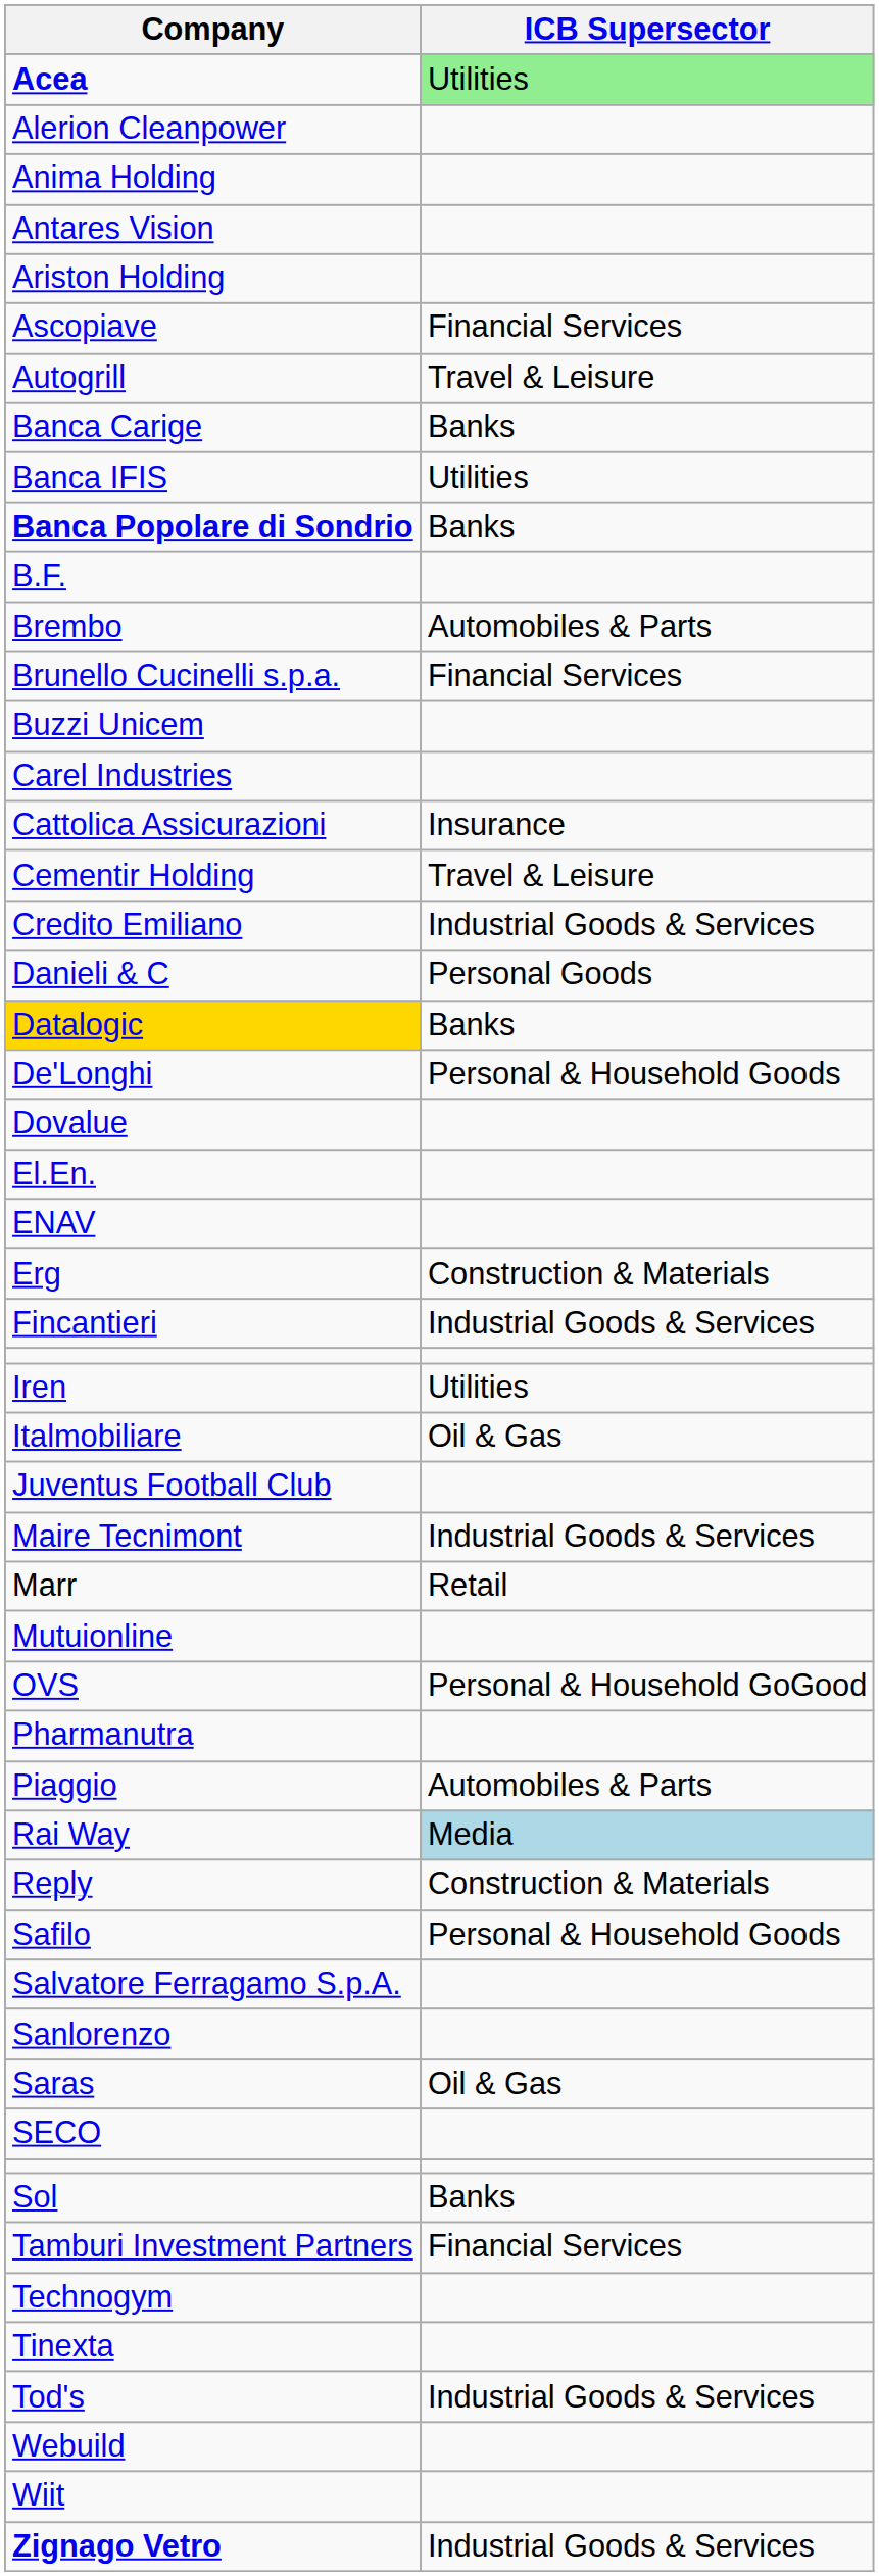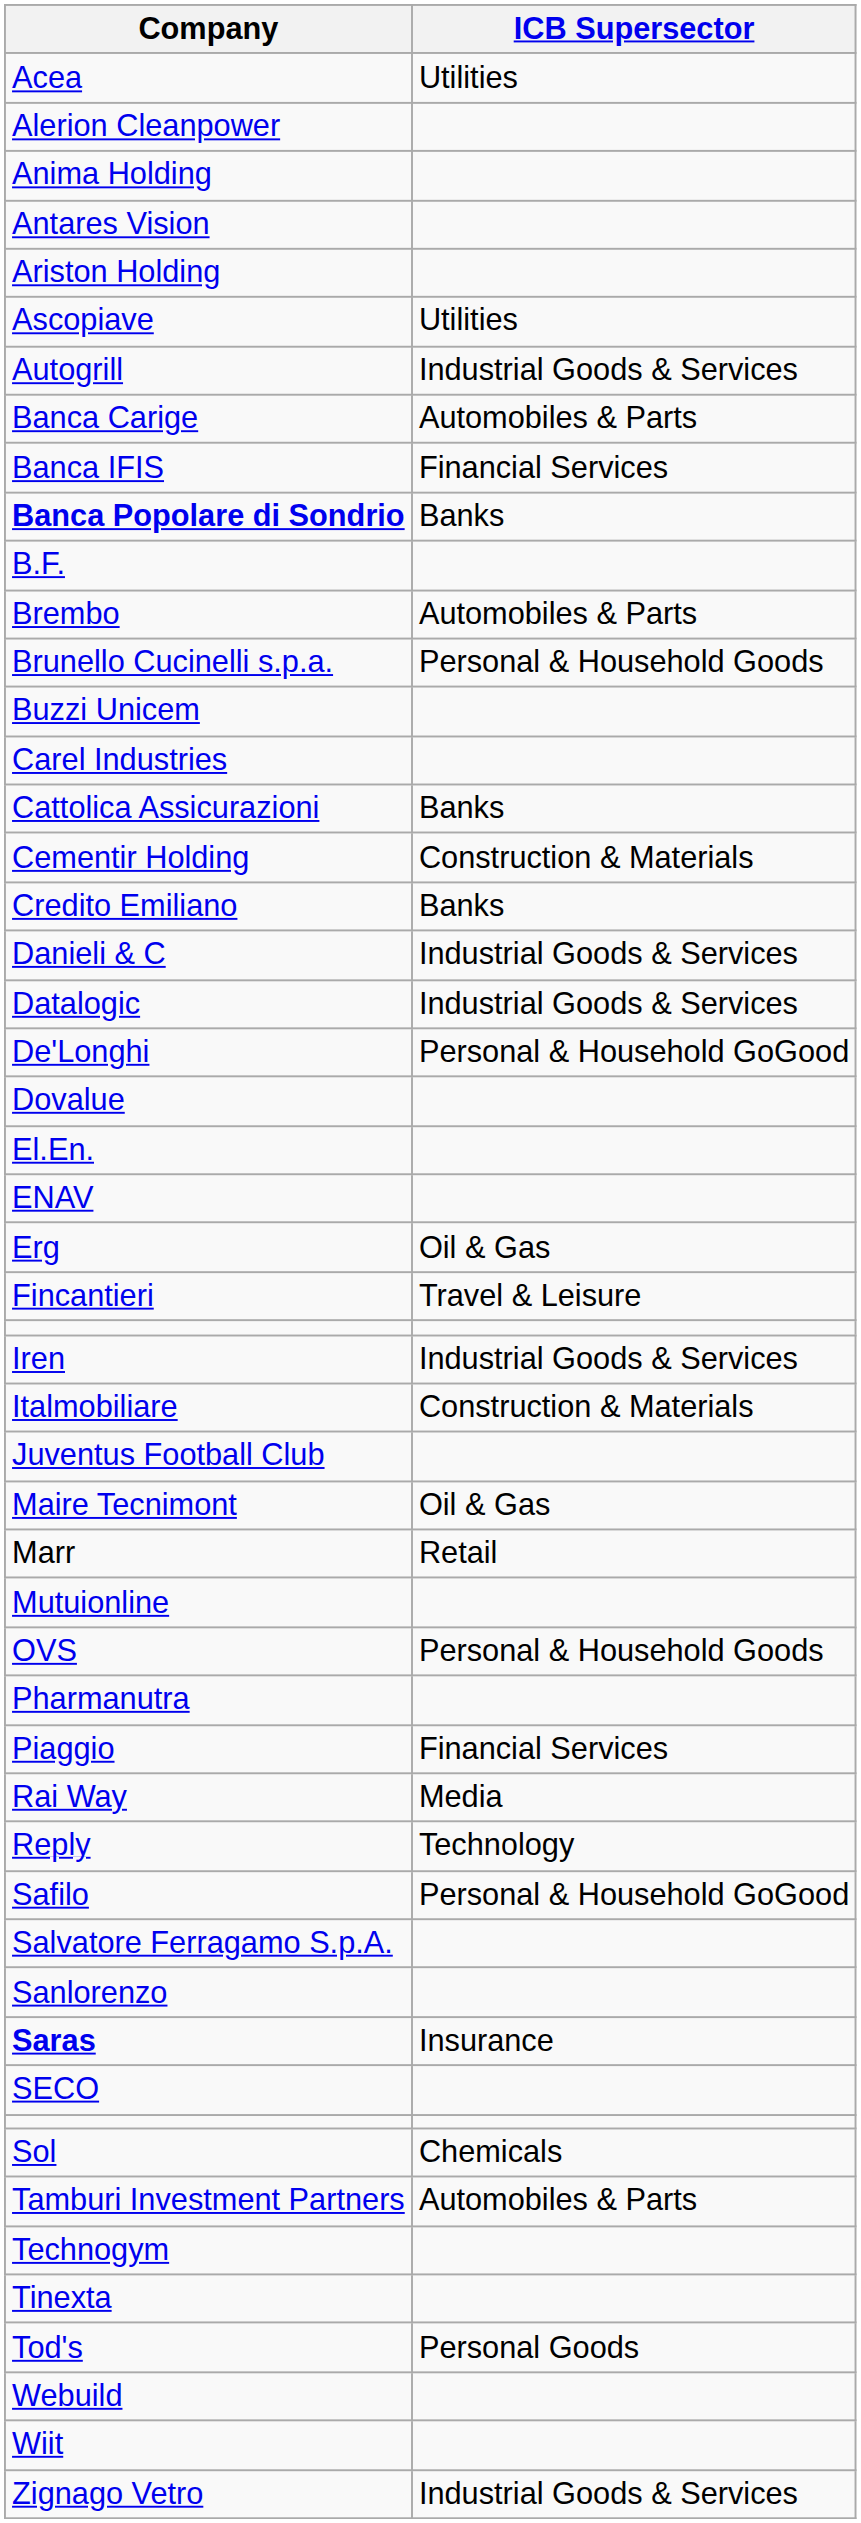 <table class="wikitable sortable">
 <tr>
 <th>Company</th>
 <th><a href='#'>ICB Supersector</a></th>
 </tr>
 <tr>
-<td><strong><a href='#'>Acea</a></strong></td>
-<td style="background: lightgreen;">Utilities</td>
+<td><a href='#'>Acea</a></td>
+<td>Utilities</td>
 </tr>
 <tr>
 <td><a href='#'>Alerion Cleanpower</a></td>
 <td></td>
 </tr>
 <tr>
 <td><a href='#'>Anima Holding</a></td>
 <td></td>
 </tr>
 <tr>
 <td><a href='#'>Antares Vision</a></td>
 <td></td>
 </tr>
 <tr>
 <td><a href='#'>Ariston Holding</a></td>
 <td></td>
 </tr>
 <tr>
 <td><a href='#'>Ascopiave</a></td>
-<td>Financial Services</td>
+<td>Utilities</td>
 </tr>
 <tr>
 <td><a href='#'>Autogrill</a></td>
-<td>Travel & Leisure</td>
+<td>Industrial Goods & Services</td>
 </tr>
 <tr>
 <td><a href='#'>Banca Carige</a></td>
-<td>Banks</td>
+<td>Automobiles & Parts</td>
 </tr>
 <tr>
 <td><a href='#'>Banca IFIS</a></td>
-<td>Utilities</td>
+<td>Financial Services</td>
 </tr>
 <tr>
 <td><strong><a href='#'>Banca Popolare di Sondrio</a></strong></td>
 <td>Banks</td>
 </tr>
 <tr>
 <td><a href='#'>B.F.</a></td>
 <td></td>
 </tr>
 <tr>
 <td><a href='#'>Brembo</a></td>
 <td>Automobiles & Parts</td>
 </tr>
 <tr>
 <td><a href='#'>Brunello Cucinelli s.p.a.</a></td>
-<td>Financial Services</td>
+<td>Personal & Household Goods</td>
 </tr>
 <tr>
 <td><a href='#'>Buzzi Unicem</a></td>
 <td></td>
 </tr>
 <tr>
 <td><a href='#'>Carel Industries</a></td>
 <td></td>
 </tr>
 <tr>
 <td><a href='#'>Cattolica Assicurazioni</a></td>
-<td>Insurance</td>
+<td>Banks</td>
 </tr>
 <tr>
 <td><a href='#'>Cementir Holding</a></td>
-<td>Travel & Leisure</td>
+<td>Construction & Materials</td>
 </tr>
 <tr>
 <td><a href='#'>Credito Emiliano</a></td>
+<td>Banks</td>
+</tr>
+<tr>
+<td><a href='#'>Danieli & C</a></td>
 <td>Industrial Goods & Services</td>
 </tr>
 <tr>
-<td><a href='#'>Danieli & C</a></td>
-<td>Personal Goods</td>
-</tr>
-<tr>
-<td style="background: gold;"><a href='#'>Datalogic</a></td>
-<td>Banks</td>
+<td><a href='#'>Datalogic</a></td>
+<td>Industrial Goods & Services</td>
 </tr>
 <tr>
 <td><a href='#'>De'Longhi</a></td>
-<td>Personal & Household Goods</td>
+<td>Personal & Household GoGood</td>
 </tr>
 <tr>
 <td><a href='#'>Dovalue</a></td>
 <td></td>
 </tr>
 <tr>
 <td><a href='#'>El.En.</a></td>
 <td></td>
 </tr>
 <tr>
 <td><a href='#'>ENAV</a></td>
 <td></td>
 </tr>
 <tr>
 <td><a href='#'>Erg</a></td>
-<td>Construction & Materials</td>
+<td>Oil & Gas</td>
 </tr>
 <tr>
 <td><a href='#'>Fincantieri</a></td>
-<td>Industrial Goods & Services</td>
+<td>Travel & Leisure</td>
 </tr>
 <tr>
 <td></td>
 </tr>
 <tr>
 <td><a href='#'>Iren</a></td>
-<td>Utilities</td>
+<td>Industrial Goods & Services</td>
 </tr>
 <tr>
 <td><a href='#'>Italmobiliare</a></td>
-<td>Oil & Gas</td>
+<td>Construction & Materials</td>
 </tr>
 <tr>
 <td><a href='#'>Juventus Football Club</a></td>
 <td></td>
 </tr>
 <tr>
 <td><a href='#'>Maire Tecnimont</a></td>
-<td>Industrial Goods & Services</td>
+<td>Oil & Gas</td>
 </tr>
 <tr>
 <td>Marr</td>
 <td>Retail</td>
 </tr>
 <tr>
 <td><a href='#'>Mutuionline</a></td>
 </tr>
 <tr>
 <td><a href='#'>OVS</a></td>
-<td>Personal & Household GoGood</td>
+<td>Personal & Household Goods</td>
 </tr>
 <tr>
 <td><a href='#'>Pharmanutra</a></td>
 <td></td>
 </tr>
 <tr>
 <td><a href='#'>Piaggio</a></td>
-<td>Automobiles & Parts</td>
+<td>Financial Services</td>
 </tr>
 <tr>
 <td><a href='#'>Rai Way</a></td>
-<td style="background: lightblue;">Media</td>
+<td>Media</td>
 </tr>
 <tr>
 <td><a href='#'>Reply</a></td>
-<td>Construction & Materials</td>
+<td>Technology</td>
 </tr>
 <tr>
 <td><a href='#'>Safilo</a></td>
-<td>Personal & Household Goods</td>
+<td>Personal & Household GoGood</td>
 </tr>
 <tr>
 <td><a href='#'>Salvatore Ferragamo S.p.A.</a></td>
 <td></td>
 </tr>
 <tr>
 <td><a href='#'>Sanlorenzo</a></td>
 <td></td>
 </tr>
 <tr>
-<td><a href='#'>Saras</a></td>
-<td>Oil & Gas</td>
+<td><strong><a href='#'>Saras</a></strong></td>
+<td>Insurance</td>
 </tr>
 <tr>
 <td><a href='#'>SECO</a></td>
 <td></td>
 </tr>
 <tr>
 <td></td>
 <td></td>
 </tr>
 <tr>
 <td><a href='#'>Sol</a></td>
-<td>Banks</td>
+<td>Chemicals</td>
 </tr>
 <tr>
 <td><a href='#'>Tamburi Investment Partners</a></td>
-<td>Financial Services</td>
+<td>Automobiles & Parts</td>
 </tr>
 <tr>
 <td><a href='#'>Technogym</a></td>
 <td></td>
 </tr>
 <tr>
 <td><a href='#'>Tinexta</a></td>
 <td></td>
 </tr>
 <tr>
 <td><a href='#'>Tod's</a></td>
-<td>Industrial Goods & Services</td>
+<td>Personal Goods</td>
 </tr>
 <tr>
 <td><a href='#'>Webuild</a></td>
 <td></td>
 </tr>
 <tr>
 <td><a href='#'>Wiit</a></td>
 <td></td>
 </tr>
 <tr>
-<td><strong><a href='#'>Zignago Vetro</a></strong></td>
+<td><a href='#'>Zignago Vetro</a></td>
 <td>Industrial Goods & Services</td>
 </tr>
 </table>
